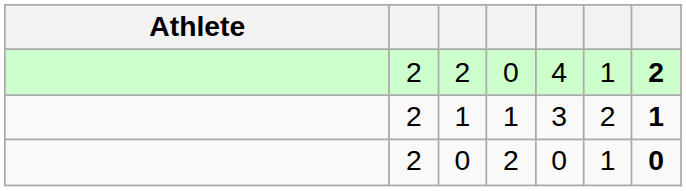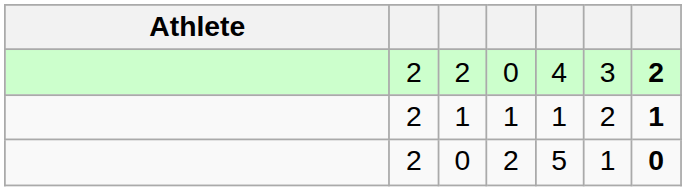 <table class=wikitable style="text-align:center">
 <tr>
 <th width=210>Athlete</th>
 <th width=20></th>
 <th width=20></th>
 <th width=20></th>
 <th width=20></th>
 <th width=20></th>
 <th width=20></th>
 </tr>
 <tr bgcolor=ccffcc>
 <td style="text-align:left"></td>
 <td>2</td>
 <td>2</td>
 <td>0</td>
 <td>4</td>
-<td>1</td>
+<td>3</td>
 <td><strong>2</strong></td>
 </tr>
 <tr>
 <td style="text-align:left"></td>
 <td>2</td>
 <td>1</td>
 <td>1</td>
-<td>3</td>
+<td>1</td>
 <td>2</td>
 <td><strong>1</strong></td>
 </tr>
 <tr>
 <td style="text-align:left"></td>
 <td>2</td>
 <td>0</td>
 <td>2</td>
-<td>0</td>
+<td>5</td>
 <td>1</td>
 <td><strong>0</strong></td>
 </tr>
 </table>
